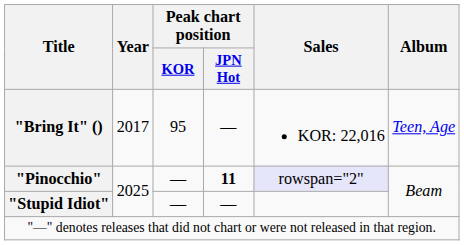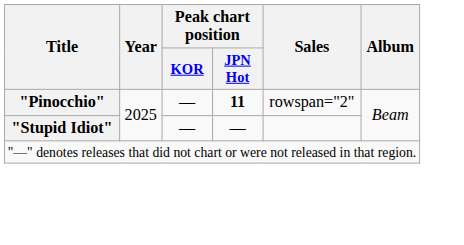 <table class="wikitable plainrowheaders" style="text-align:center;">
 <tr>
 <th scope="col" rowspan="2">Title</th>
 <th scope="col" rowspan="2">Year</th>
 <th scope="col" colspan="2">Peak chart position</th>
 <th scope="col" rowspan="2">Sales</th>
 <th scope="col" rowspan="2">Album</th>
 </tr>
 <tr>
 <th scope="col" style="width:3em;font-size:90%"><a href='#'>KOR</a><br></th>
 <th scope="col" style="width:3em;font-size:90%"><a href='#'>JPN<br>Hot</a><br></th>
 </tr>
 <tr>
-<th scope="row">"Bring It" ()</th>
-<td>2017</td>
-<td>95</td>
-<td>—</td>
-<td><br><ul><li>KOR: 22,016</li></ul></td>
-<td><em><a href='#'>Teen, Age</a></em></td>
-</tr>
-<tr>
 <th scope="row">"Pinocchio" <br></th>
 <td rowspan="2">2025</td>
 <td>—</td>
 <td><strong>11</strong></td>
-<td style="background: lavender;">rowspan="2" </td>
+<td>rowspan="2" </td>
 <td rowspan="2"><em>Beam</em></td>
 </tr>
 <tr>
 <th scope="row">"Stupid Idiot"</th>
 <td>—</td>
 <td>—</td>
 </tr>
 <tr>
 <td colspan="6" style="font-size:85%">"—" denotes releases that did not chart or were not released in that region.</td>
 </tr>
 </table>
